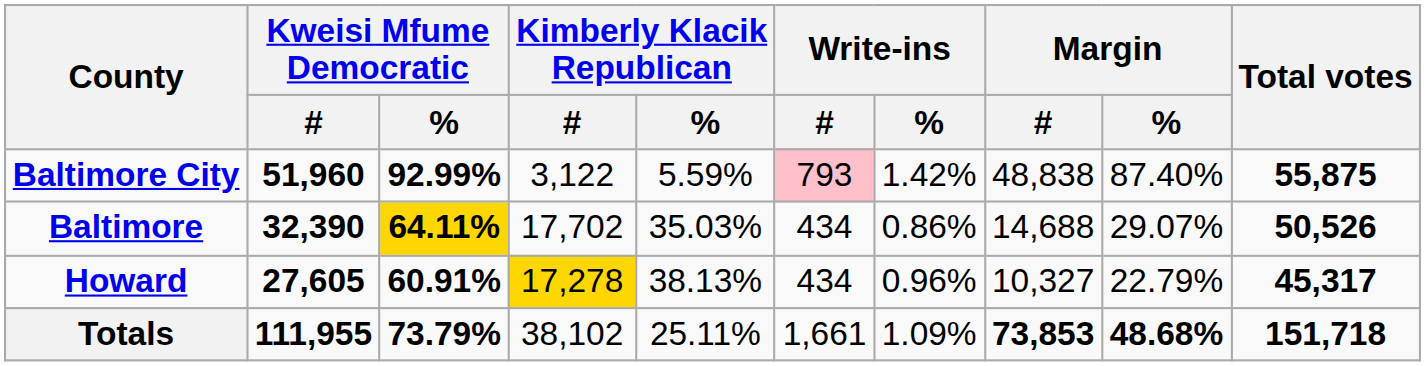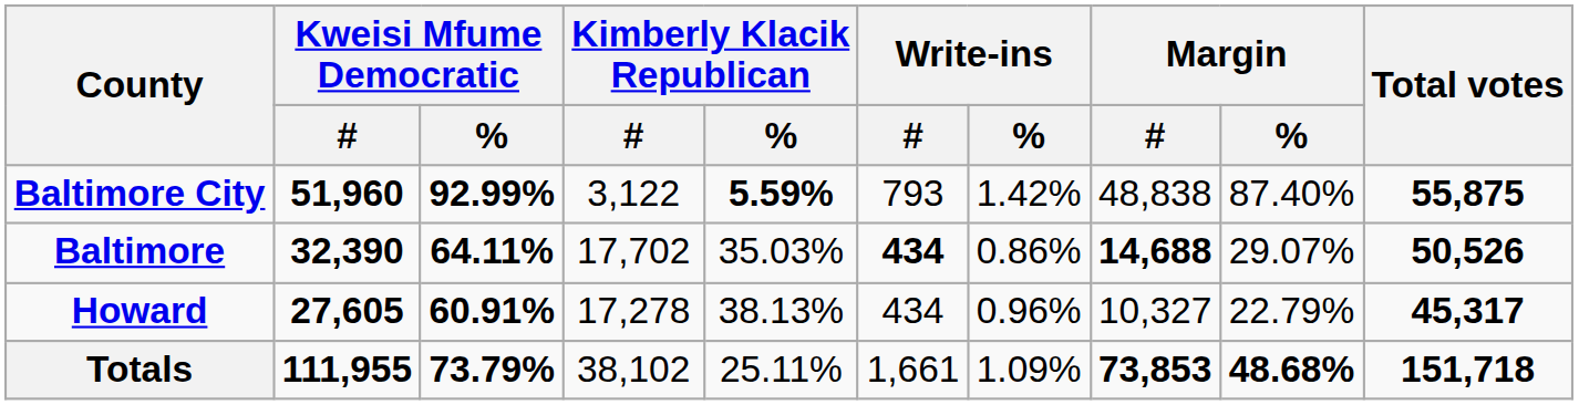 <table class="wikitable sortable">
 <tr>
 <th rowspan="2">County</th>
 <th colspan="2"><a href='#'>Kweisi Mfume</a><br><a href='#'>Democratic</a></th>
 <th colspan="2"><a href='#'>Kimberly Klacik</a><br><a href='#'>Republican</a></th>
 <th colspan="2">Write-ins</th>
 <th colspan="2">Margin</th>
 <th rowspan="2">Total votes</th>
 </tr>
 <tr>
 <th data-sort-type="number" style="text-align:center;">#</th>
 <th data-sort-type="number" style="text-align:center;">%</th>
 <th data-sort-type="number" style="text-align:center;">#</th>
 <th data-sort-type="number" style="text-align:center;">%</th>
 <th data-sort-type="number" style="text-align:center;">#</th>
 <th data-sort-type="number" style="text-align:center;">%</th>
 <th data-sort-type="number" style="text-align:center;">#</th>
 <th data-sort-type="number" style="text-align:center;">%</th>
 </tr>
 <tr style="text-align:center;">
 <td><strong><a href='#'>Baltimore City</a></strong></td>
 <td><strong>51,960</strong></td>
 <td><strong>92.99%</strong></td>
 <td>3,122</td>
-<td>5.59%</td>
-<td style="background: pink;">793</td>
+<td><strong>5.59%</strong></td>
+<td>793</td>
 <td>1.42%</td>
 <td>48,838</td>
 <td>87.40%</td>
 <td><strong>55,875</strong></td>
 </tr>
 <tr style="text-align:center;">
 <td><strong><a href='#'>Baltimore</a></strong></td>
 <td><strong>32,390</strong></td>
-<td style="background: gold;"><strong>64.11%</strong></td>
+<td><strong>64.11%</strong></td>
 <td>17,702</td>
 <td>35.03%</td>
-<td>434</td>
+<td><strong>434</strong></td>
 <td>0.86%</td>
-<td>14,688</td>
+<td><strong>14,688</strong></td>
 <td>29.07%</td>
 <td><strong>50,526</strong></td>
 </tr>
 <tr style="text-align:center;">
 <td><strong><a href='#'>Howard</a></strong></td>
 <td><strong>27,605</strong></td>
 <td><strong>60.91%</strong></td>
-<td style="background: gold;">17,278</td>
+<td>17,278</td>
 <td>38.13%</td>
 <td>434</td>
 <td>0.96%</td>
 <td>10,327</td>
 <td>22.79%</td>
 <td><strong>45,317</strong></td>
 </tr>
 <tr style="text-align:center;">
 <th>Totals</th>
 <td><strong>111,955</strong></td>
 <td><strong>73.79%</strong></td>
 <td>38,102</td>
 <td>25.11%</td>
 <td>1,661</td>
 <td>1.09%</td>
 <td><strong>73,853</strong></td>
 <td><strong>48.68%</strong></td>
 <td><strong>151,718</strong></td>
 </tr>
 </table>
